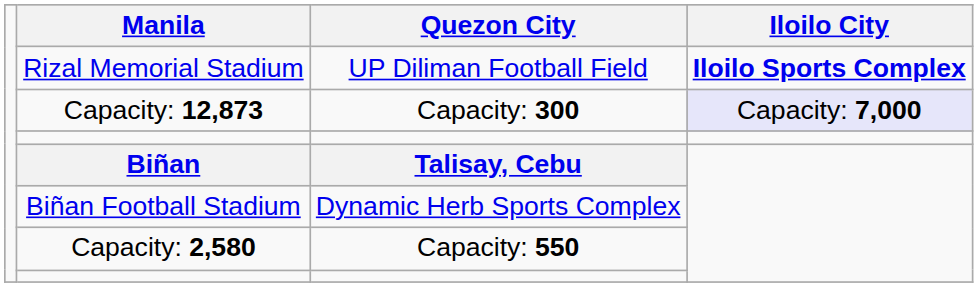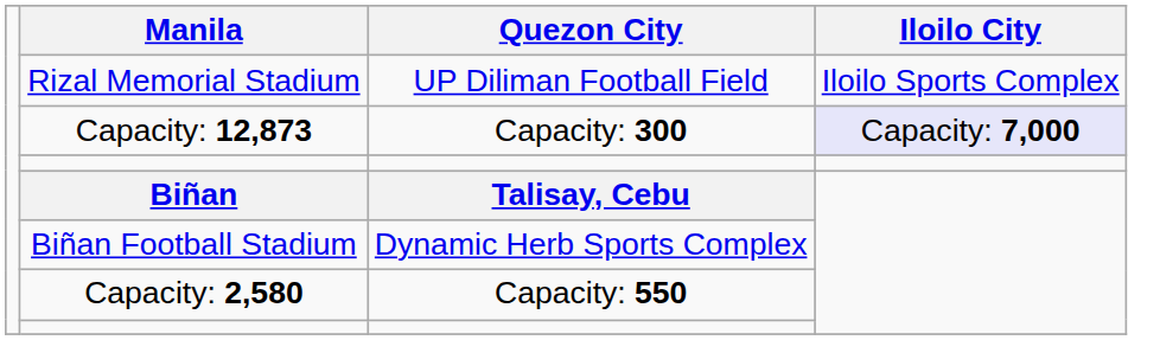 <table class="wikitable" style="text-align:center">
 <tr>
 <td rowspan="8"></td>
 <th><a href='#'>Manila</a></th>
 <th><a href='#'>Quezon City</a></th>
 <th><a href='#'>Iloilo City</a></th>
 </tr>
 <tr>
 <td><a href='#'>Rizal Memorial Stadium</a></td>
 <td><a href='#'>UP Diliman Football Field</a></td>
-<td><strong><a href='#'>Iloilo Sports Complex</a></strong></td>
+<td><a href='#'>Iloilo Sports Complex</a></td>
 </tr>
 <tr>
 <td>Capacity: <strong>12,873</strong></td>
 <td>Capacity: <strong>300</strong></td>
 <td style="background: lavender;">Capacity: <strong>7,000</strong></td>
 </tr>
 <tr>
 <td></td>
 <td></td>
 <td></td>
 </tr>
 <tr>
 <th><a href='#'>Biñan</a></th>
 <th><a href='#'>Talisay, Cebu</a></th>
 </tr>
 <tr>
 <td><a href='#'>Biñan Football Stadium</a></td>
 <td><a href='#'>Dynamic Herb Sports Complex</a></td>
 </tr>
 <tr>
 <td>Capacity: <strong>2,580</strong></td>
 <td>Capacity: <strong>550</strong></td>
 </tr>
 <tr>
 <td></td>
 <td></td>
 </tr>
 </table>
